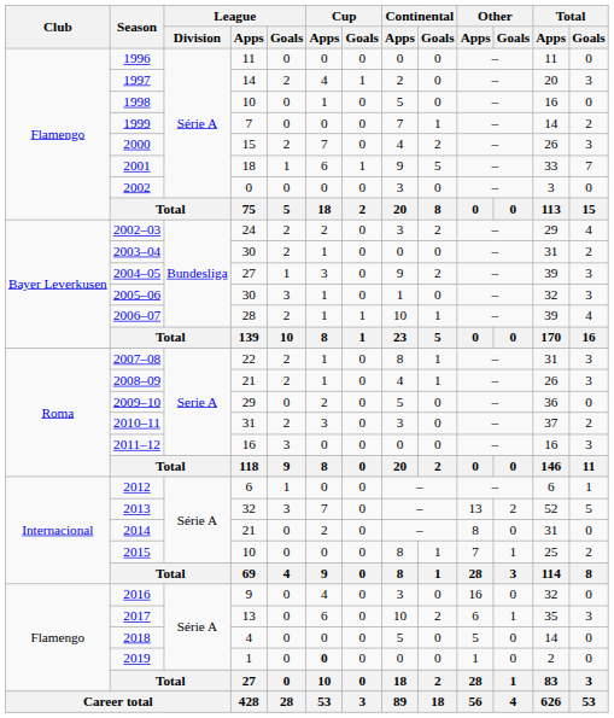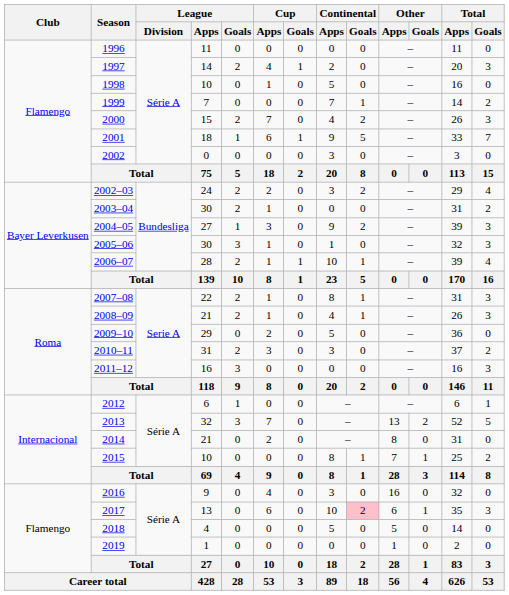 <table class="wikitable" style="text-align:center">
 <tr>
 <th rowspan="2">Club</th>
 <th rowspan="2">Season</th>
 <th colspan="3">League</th>
 <th colspan="2">Cup</th>
 <th colspan="2">Continental</th>
 <th colspan="2">Other</th>
 <th colspan="2">Total</th>
 </tr>
 <tr>
 <th>Division</th>
 <th>Apps</th>
 <th>Goals</th>
 <th>Apps</th>
 <th>Goals</th>
 <th>Apps</th>
 <th>Goals</th>
 <th>Apps</th>
 <th>Goals</th>
 <th>Apps</th>
 <th>Goals</th>
 </tr>
 <tr>
 <td rowspan="8"><a href='#'>Flamengo</a></td>
 <td><a href='#'>1996</a></td>
 <td rowspan="7"><a href='#'>Série A</a></td>
 <td>11</td>
 <td>0</td>
 <td>0</td>
 <td>0</td>
 <td>0</td>
 <td>0</td>
 <td colspan="2">–</td>
 <td>11</td>
 <td>0</td>
 </tr>
 <tr>
 <td><a href='#'>1997</a></td>
 <td>14</td>
 <td>2</td>
 <td>4</td>
 <td>1</td>
 <td>2</td>
 <td>0</td>
 <td colspan="2">–</td>
 <td>20</td>
 <td>3</td>
 </tr>
 <tr>
 <td><a href='#'>1998</a></td>
 <td>10</td>
 <td>0</td>
 <td>1</td>
 <td>0</td>
 <td>5</td>
 <td>0</td>
 <td colspan="2">–</td>
 <td>16</td>
 <td>0</td>
 </tr>
 <tr>
 <td><a href='#'>1999</a></td>
 <td>7</td>
 <td>0</td>
 <td>0</td>
 <td>0</td>
 <td>7</td>
 <td>1</td>
 <td colspan="2">–</td>
 <td>14</td>
 <td>2</td>
 </tr>
 <tr>
 <td><a href='#'>2000</a></td>
 <td>15</td>
 <td>2</td>
 <td>7</td>
 <td>0</td>
 <td>4</td>
 <td>2</td>
 <td colspan="2">–</td>
 <td>26</td>
 <td>3</td>
 </tr>
 <tr>
 <td><a href='#'>2001</a></td>
 <td>18</td>
 <td>1</td>
 <td>6</td>
 <td>1</td>
 <td>9</td>
 <td>5</td>
 <td colspan="2">–</td>
 <td>33</td>
 <td>7</td>
 </tr>
 <tr>
 <td><a href='#'>2002</a></td>
 <td>0</td>
 <td>0</td>
 <td>0</td>
 <td>0</td>
 <td>3</td>
 <td>0</td>
 <td colspan="2">–</td>
 <td>3</td>
 <td>0</td>
 </tr>
 <tr>
 <th colspan="2">Total</th>
 <th>75</th>
 <th>5</th>
 <th>18</th>
 <th>2</th>
 <th>20</th>
 <th>8</th>
 <th>0</th>
 <th>0</th>
 <th>113</th>
 <th>15</th>
 </tr>
 <tr>
 <td rowspan="6"><a href='#'>Bayer Leverkusen</a></td>
 <td><a href='#'>2002–03</a></td>
 <td rowspan="5"><a href='#'>Bundesliga</a></td>
 <td>24</td>
 <td>2</td>
 <td>2</td>
 <td>0</td>
 <td>3</td>
 <td>2</td>
 <td colspan="2">–</td>
 <td>29</td>
 <td>4</td>
 </tr>
 <tr>
 <td><a href='#'>2003–04</a></td>
 <td>30</td>
 <td>2</td>
 <td>1</td>
 <td>0</td>
 <td>0</td>
 <td>0</td>
 <td colspan="2">–</td>
 <td>31</td>
 <td>2</td>
 </tr>
 <tr>
 <td><a href='#'>2004–05</a></td>
 <td>27</td>
 <td>1</td>
 <td>3</td>
 <td>0</td>
 <td>9</td>
 <td>2</td>
 <td colspan="2">–</td>
 <td>39</td>
 <td>3</td>
 </tr>
 <tr>
 <td><a href='#'>2005–06</a></td>
 <td>30</td>
 <td>3</td>
 <td>1</td>
 <td>0</td>
 <td>1</td>
 <td>0</td>
 <td colspan="2">–</td>
 <td>32</td>
 <td>3</td>
 </tr>
 <tr>
 <td><a href='#'>2006–07</a></td>
 <td>28</td>
 <td>2</td>
 <td>1</td>
 <td>1</td>
 <td>10</td>
 <td>1</td>
 <td colspan="2">–</td>
 <td>39</td>
 <td>4</td>
 </tr>
 <tr>
 <th colspan="2">Total</th>
 <th>139</th>
 <th>10</th>
 <th>8</th>
 <th>1</th>
 <th>23</th>
 <th>5</th>
 <th>0</th>
 <th>0</th>
 <th>170</th>
 <th>16</th>
 </tr>
 <tr>
 <td rowspan="6"><a href='#'>Roma</a></td>
 <td><a href='#'>2007–08</a></td>
 <td rowspan="5"><a href='#'>Serie A</a></td>
 <td>22</td>
 <td>2</td>
 <td>1</td>
 <td>0</td>
 <td>8</td>
 <td>1</td>
 <td colspan="2">–</td>
 <td>31</td>
 <td>3</td>
 </tr>
 <tr>
 <td><a href='#'>2008–09</a></td>
 <td>21</td>
 <td>2</td>
 <td>1</td>
 <td>0</td>
 <td>4</td>
 <td>1</td>
 <td colspan="2">–</td>
 <td>26</td>
 <td>3</td>
 </tr>
 <tr>
 <td><a href='#'>2009–10</a></td>
 <td>29</td>
 <td>0</td>
 <td>2</td>
 <td>0</td>
 <td>5</td>
 <td>0</td>
 <td colspan="2">–</td>
 <td>36</td>
 <td>0</td>
 </tr>
 <tr>
 <td><a href='#'>2010–11</a></td>
 <td>31</td>
 <td>2</td>
 <td>3</td>
 <td>0</td>
 <td>3</td>
 <td>0</td>
 <td colspan="2">–</td>
 <td>37</td>
 <td>2</td>
 </tr>
 <tr>
 <td><a href='#'>2011–12</a></td>
 <td>16</td>
 <td>3</td>
 <td>0</td>
 <td>0</td>
 <td>0</td>
 <td>0</td>
 <td colspan="2">–</td>
 <td>16</td>
 <td>3</td>
 </tr>
 <tr>
 <th colspan="2">Total</th>
 <th>118</th>
 <th>9</th>
 <th>8</th>
 <th>0</th>
 <th>20</th>
 <th>2</th>
 <th>0</th>
 <th>0</th>
 <th>146</th>
 <th>11</th>
 </tr>
 <tr>
 <td rowspan="5"><a href='#'>Internacional</a></td>
 <td><a href='#'>2012</a></td>
 <td rowspan="4">Série A</td>
 <td>6</td>
 <td>1</td>
 <td>0</td>
 <td>0</td>
 <td colspan="2">–</td>
 <td colspan="2">–</td>
 <td>6</td>
 <td>1</td>
 </tr>
 <tr>
 <td><a href='#'>2013</a></td>
 <td>32</td>
 <td>3</td>
 <td>7</td>
 <td>0</td>
 <td colspan="2">–</td>
 <td>13</td>
 <td>2</td>
 <td>52</td>
 <td>5</td>
 </tr>
 <tr>
 <td><a href='#'>2014</a></td>
 <td>21</td>
 <td>0</td>
 <td>2</td>
 <td>0</td>
 <td colspan="2">–</td>
 <td>8</td>
 <td>0</td>
 <td>31</td>
 <td>0</td>
 </tr>
 <tr>
 <td><a href='#'>2015</a></td>
 <td>10</td>
 <td>0</td>
 <td>0</td>
 <td>0</td>
 <td>8</td>
 <td>1</td>
 <td>7</td>
 <td>1</td>
 <td>25</td>
 <td>2</td>
 </tr>
 <tr>
 <th colspan="2">Total</th>
 <th>69</th>
 <th>4</th>
 <th>9</th>
 <th>0</th>
 <th>8</th>
 <th>1</th>
 <th>28</th>
 <th>3</th>
 <th>114</th>
 <th>8</th>
 </tr>
 <tr>
 <td rowspan="5">Flamengo</td>
 <td><a href='#'>2016</a></td>
 <td rowspan="4">Série A</td>
 <td>9</td>
 <td>0</td>
 <td>4</td>
 <td>0</td>
 <td>3</td>
 <td>0</td>
 <td>16</td>
 <td>0</td>
 <td>32</td>
 <td>0</td>
 </tr>
 <tr>
 <td><a href='#'>2017</a></td>
 <td>13</td>
 <td>0</td>
 <td>6</td>
 <td>0</td>
 <td>10</td>
-<td>2</td>
+<td style="background: pink;">2</td>
 <td>6</td>
 <td>1</td>
 <td>35</td>
 <td>3</td>
 </tr>
 <tr>
 <td><a href='#'>2018</a></td>
 <td>4</td>
 <td>0</td>
 <td>0</td>
 <td>0</td>
 <td>5</td>
 <td>0</td>
 <td>5</td>
 <td>0</td>
 <td>14</td>
 <td>0</td>
 </tr>
 <tr>
 <td><a href='#'>2019</a></td>
 <td>1</td>
 <td>0</td>
-<td><strong>0</strong></td>
+<td>0</td>
 <td>0</td>
 <td>0</td>
 <td>0</td>
 <td>1</td>
 <td>0</td>
 <td>2</td>
 <td>0</td>
 </tr>
 <tr>
 <th colspan="2">Total</th>
 <th>27</th>
 <th>0</th>
 <th>10</th>
 <th>0</th>
 <th>18</th>
 <th>2</th>
 <th>28</th>
 <th>1</th>
 <th>83</th>
 <th>3</th>
 </tr>
 <tr>
 <th colspan="3">Career total</th>
 <th>428</th>
 <th>28</th>
 <th>53</th>
 <th>3</th>
 <th>89</th>
 <th>18</th>
 <th>56</th>
 <th>4</th>
 <th>626</th>
 <th>53</th>
 </tr>
 </table>
